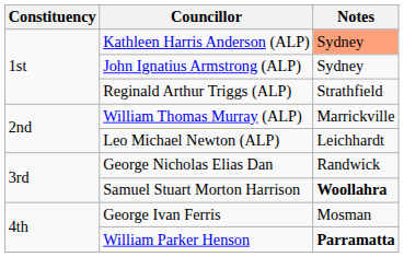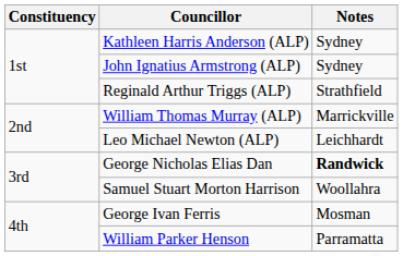 <table class="wikitable">
 <tr>
 <th>Constituency</th>
 <th>Councillor</th>
 <th>Notes</th>
 </tr>
 <tr>
 <td rowspan="3">1st</td>
 <td><a href='#'>Kathleen Harris Anderson</a> (ALP)</td>
-<td style="background: lightsalmon;">Sydney</td>
+<td>Sydney</td>
 </tr>
 <tr>
 <td><a href='#'>John Ignatius Armstrong</a> (ALP)</td>
 <td>Sydney</td>
 </tr>
 <tr>
 <td>Reginald Arthur Triggs (ALP)</td>
 <td>Strathfield</td>
 </tr>
 <tr>
 <td rowspan="2">2nd</td>
 <td><a href='#'>William Thomas Murray</a> (ALP)</td>
 <td>Marrickville</td>
 </tr>
 <tr>
 <td>Leo Michael Newton (ALP)</td>
 <td>Leichhardt</td>
 </tr>
 <tr>
 <td rowspan="2">3rd</td>
 <td>George Nicholas Elias Dan</td>
-<td>Randwick</td>
+<td><strong>Randwick</strong></td>
 </tr>
 <tr>
 <td>Samuel Stuart Morton Harrison</td>
-<td><strong>Woollahra</strong></td>
+<td>Woollahra</td>
 </tr>
 <tr>
 <td rowspan="2">4th</td>
 <td>George Ivan Ferris</td>
 <td>Mosman</td>
 </tr>
 <tr>
 <td><a href='#'>William Parker Henson</a></td>
-<td><strong>Parramatta</strong></td>
+<td>Parramatta</td>
 </tr>
 </table>
